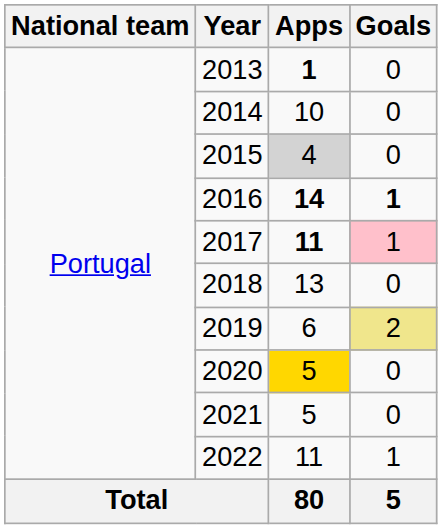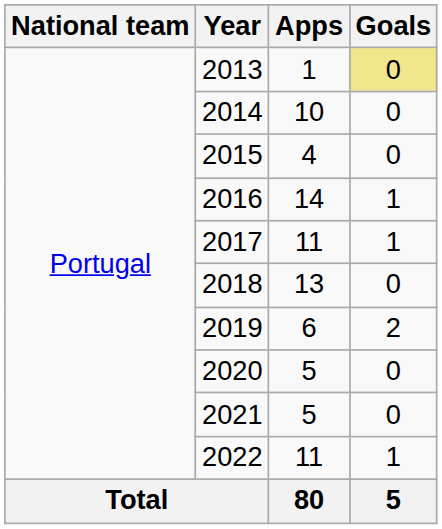 <table class="wikitable" style="text-align:center">
 <tr>
 <th>National team</th>
 <th>Year</th>
 <th>Apps</th>
 <th>Goals</th>
 </tr>
 <tr>
 <td rowspan="10"><a href='#'>Portugal</a></td>
 <td>2013</td>
-<td><strong>1</strong></td>
-<td>0</td>
+<td>1</td>
+<td style="background: khaki;">0</td>
 </tr>
 <tr>
 <td>2014</td>
 <td>10</td>
 <td>0</td>
 </tr>
 <tr>
 <td>2015</td>
-<td style="background: lightgrey;">4</td>
+<td>4</td>
 <td>0</td>
 </tr>
 <tr>
 <td>2016</td>
-<td><strong>14</strong></td>
-<td><strong>1</strong></td>
+<td>14</td>
+<td>1</td>
 </tr>
 <tr>
 <td>2017</td>
-<td><strong>11</strong></td>
-<td style="background: pink;">1</td>
+<td>11</td>
+<td>1</td>
 </tr>
 <tr>
 <td>2018</td>
 <td>13</td>
 <td>0</td>
 </tr>
 <tr>
 <td>2019</td>
 <td>6</td>
-<td style="background: khaki;">2</td>
+<td>2</td>
 </tr>
 <tr>
 <td>2020</td>
-<td style="background: gold;">5</td>
+<td>5</td>
 <td>0</td>
 </tr>
 <tr>
 <td>2021</td>
 <td>5</td>
 <td>0</td>
 </tr>
 <tr>
 <td>2022</td>
 <td>11</td>
 <td>1</td>
 </tr>
 <tr>
 <th colspan="2">Total</th>
 <th>80</th>
 <th>5</th>
 </tr>
 </table>
